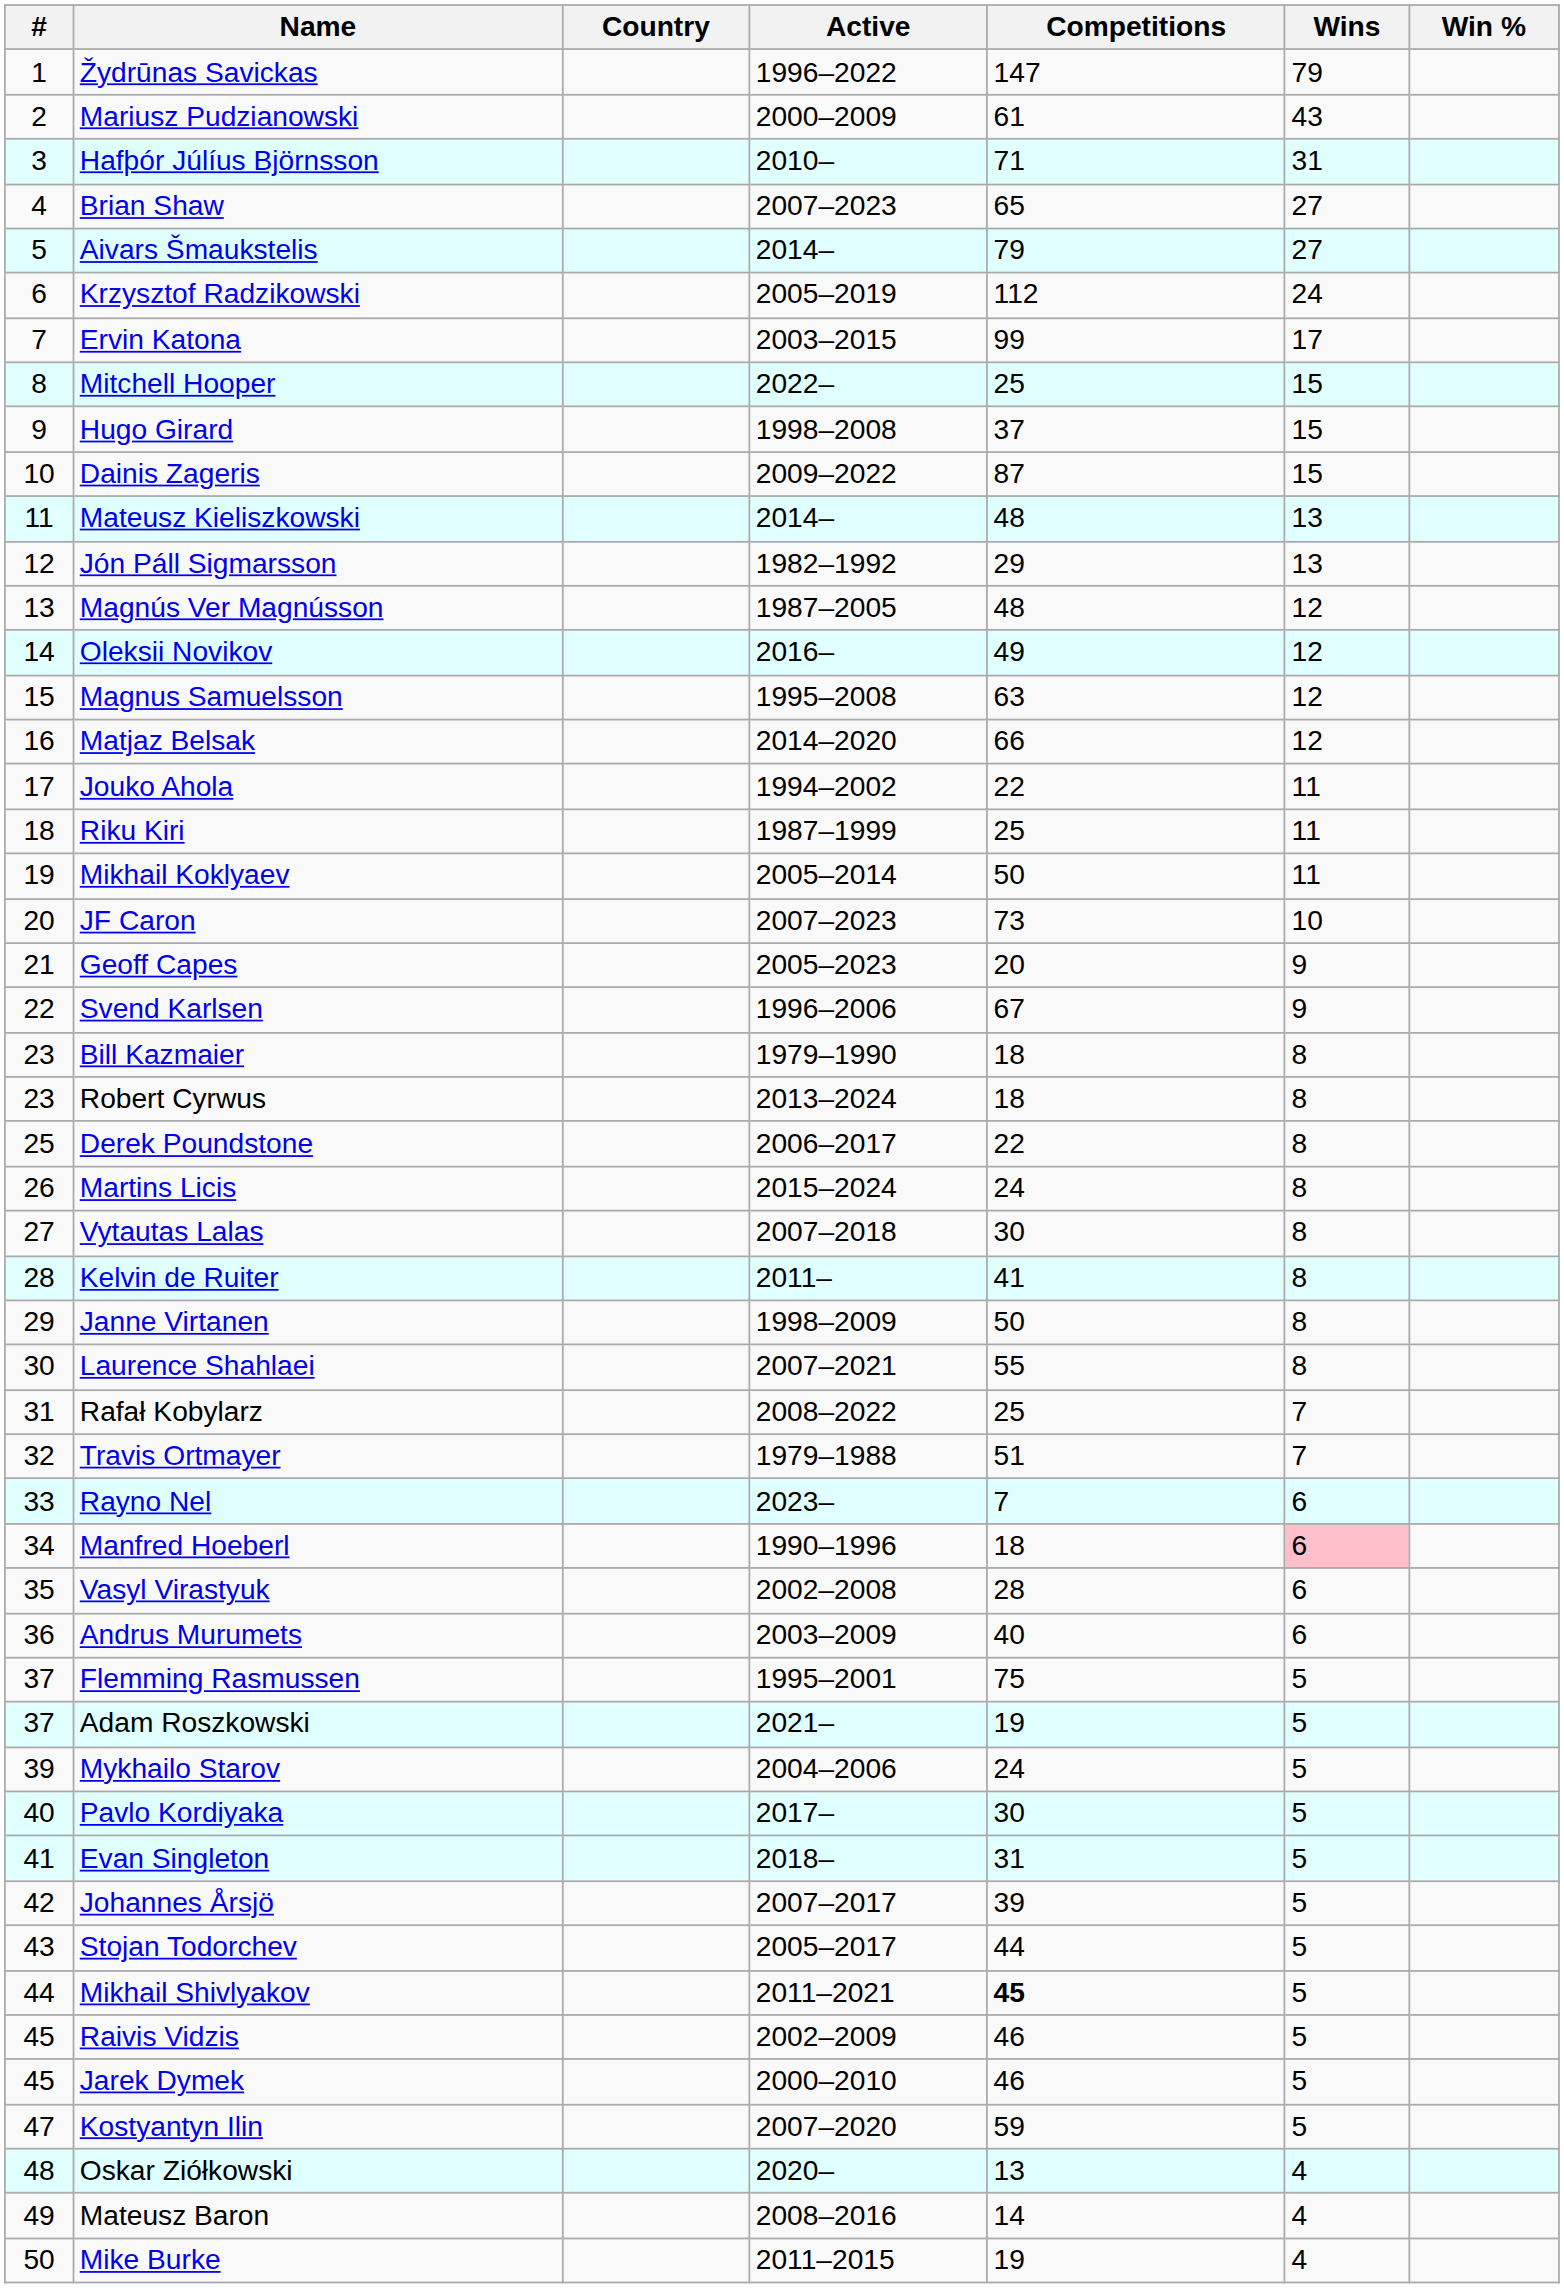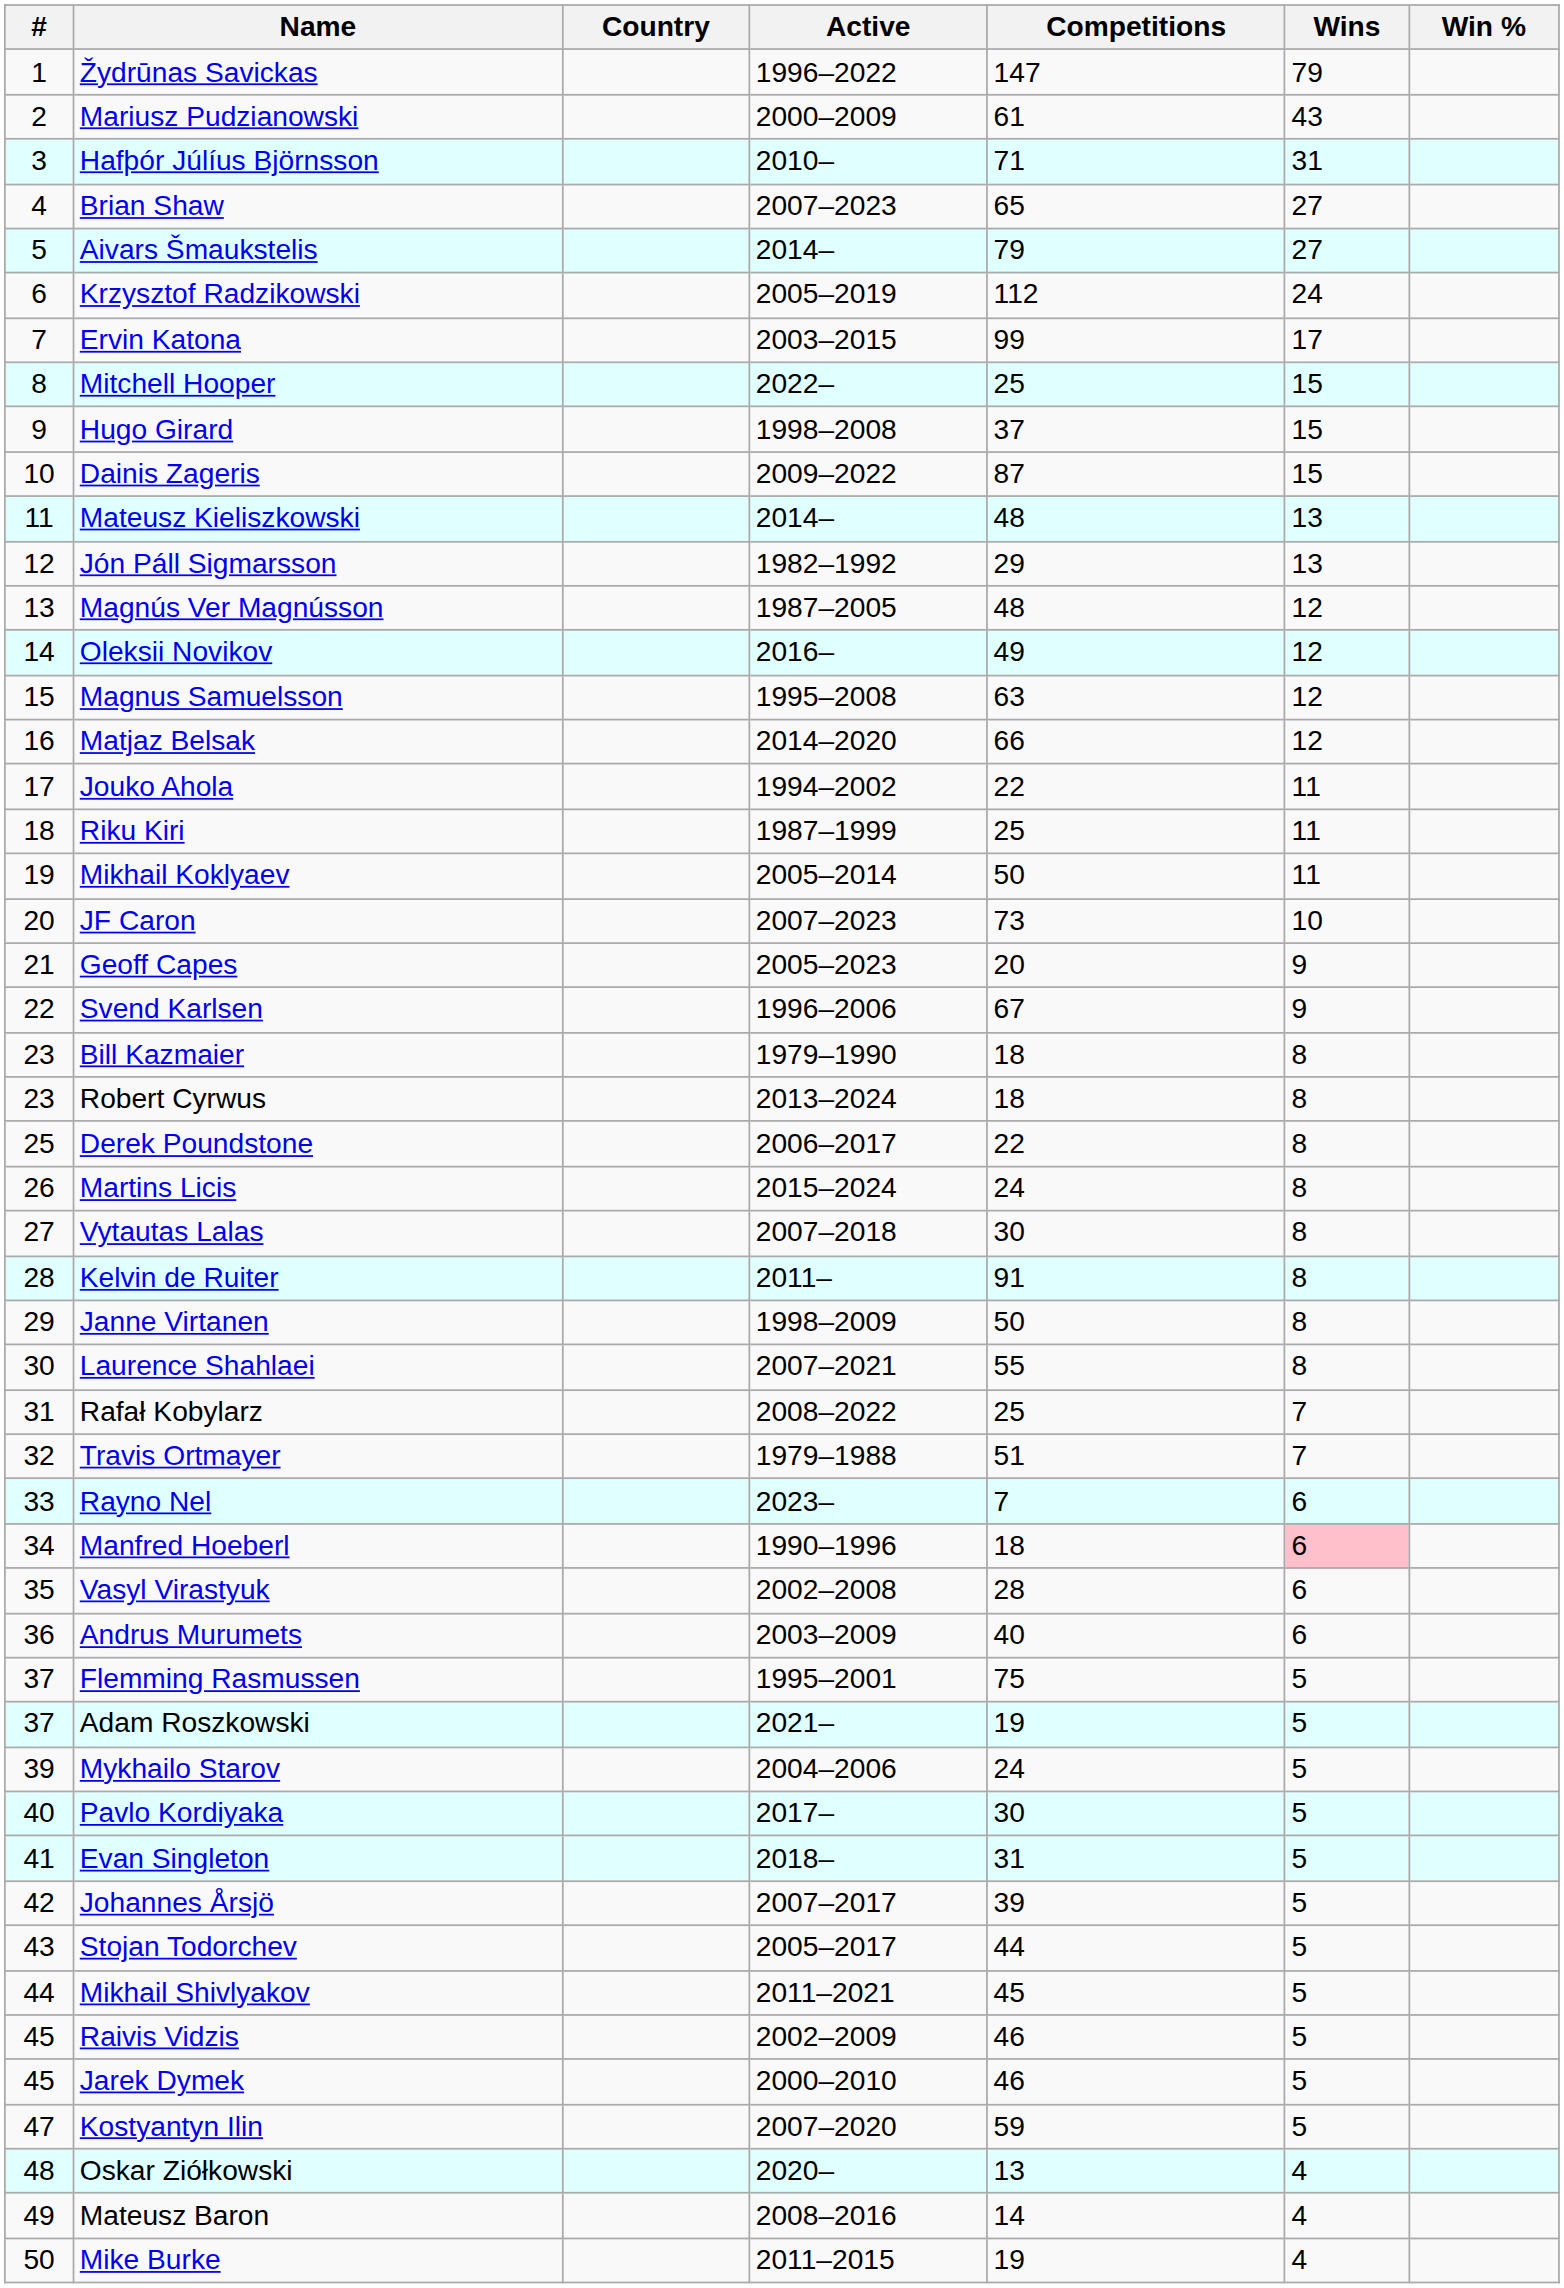 <table class="wikitable sortable" style="display: inline-table;width: 100%;">
 <tr>
 <th>#</th>
 <th>Name</th>
 <th>Country</th>
 <th>Active</th>
 <th>Competitions</th>
 <th>Wins</th>
 <th>Win %</th>
 </tr>
 <tr>
 <td align=center>1</td>
 <td><a href='#'>Žydrūnas Savickas</a></td>
 <td></td>
 <td>1996–2022</td>
 <td>147</td>
 <td>79</td>
 <td align=center></td>
 </tr>
 <tr>
 <td align=center>2</td>
 <td><a href='#'>Mariusz Pudzianowski</a></td>
 <td></td>
 <td>2000–2009</td>
 <td>61</td>
 <td>43</td>
 <td align=center></td>
 </tr>
 <tr style="background:#E0FFFF;">
 <td align=center>3</td>
 <td><a href='#'>Hafþór Júlíus Björnsson</a></td>
 <td></td>
 <td>2010–</td>
 <td>71</td>
 <td>31</td>
 <td align=center></td>
 </tr>
 <tr>
 <td align=center>4</td>
 <td><a href='#'>Brian Shaw</a></td>
 <td></td>
 <td>2007–2023</td>
 <td>65</td>
 <td>27</td>
 <td align=center></td>
 </tr>
 <tr style="background:#E0FFFF;">
 <td align=center>5</td>
 <td><a href='#'>Aivars Šmaukstelis</a></td>
 <td></td>
 <td>2014–</td>
 <td>79</td>
 <td>27</td>
 <td align=center></td>
 </tr>
 <tr>
 <td align=center>6</td>
 <td><a href='#'>Krzysztof Radzikowski</a></td>
 <td></td>
 <td>2005–2019</td>
 <td>112</td>
 <td>24</td>
 <td align=center></td>
 </tr>
 <tr>
 <td align=center>7</td>
 <td><a href='#'>Ervin Katona</a></td>
 <td></td>
 <td>2003–2015</td>
 <td>99</td>
 <td>17</td>
 <td align=center></td>
 </tr>
 <tr style="background:#E0FFFF;">
 <td align=center>8</td>
 <td><a href='#'>Mitchell Hooper</a></td>
 <td></td>
 <td>2022–</td>
 <td>25</td>
 <td>15</td>
 <td align=center></td>
 </tr>
 <tr>
 <td align=center>9</td>
 <td><a href='#'>Hugo Girard</a></td>
 <td></td>
 <td>1998–2008</td>
 <td>37</td>
 <td>15</td>
 <td align=center></td>
 </tr>
 <tr>
 <td align=center>10</td>
 <td><a href='#'>Dainis Zageris</a></td>
 <td></td>
 <td>2009–2022</td>
 <td>87</td>
 <td>15</td>
 <td align=center></td>
 </tr>
 <tr style="background:#E0FFFF;">
 <td align=center>11</td>
 <td><a href='#'>Mateusz Kieliszkowski</a></td>
 <td></td>
 <td>2014–</td>
 <td>48</td>
 <td>13</td>
 <td align=center></td>
 </tr>
 <tr>
 <td align=center>12</td>
 <td><a href='#'>Jón Páll Sigmarsson</a></td>
 <td></td>
 <td>1982–1992</td>
 <td>29</td>
 <td>13</td>
 <td align=center></td>
 </tr>
 <tr>
 <td align=center>13</td>
 <td><a href='#'>Magnús Ver Magnússon</a></td>
 <td></td>
 <td>1987–2005</td>
 <td>48</td>
 <td>12</td>
 <td align=center></td>
 </tr>
 <tr style="background:#E0FFFF;">
 <td align=center>14</td>
 <td><a href='#'>Oleksii Novikov</a></td>
 <td></td>
 <td>2016–</td>
 <td>49</td>
 <td>12</td>
 <td align=center></td>
 </tr>
 <tr>
 <td align=center>15</td>
 <td><a href='#'>Magnus Samuelsson</a></td>
 <td></td>
 <td>1995–2008</td>
 <td>63</td>
 <td>12</td>
 <td align=center></td>
 </tr>
 <tr>
 <td align=center>16</td>
 <td><a href='#'>Matjaz Belsak</a></td>
 <td></td>
 <td>2014–2020</td>
 <td>66</td>
 <td>12</td>
 <td align=center></td>
 </tr>
 <tr>
 <td align=center>17</td>
 <td><a href='#'>Jouko Ahola</a></td>
 <td></td>
 <td>1994–2002</td>
 <td>22</td>
 <td>11</td>
 <td align=center></td>
 </tr>
 <tr>
 <td align=center>18</td>
 <td><a href='#'>Riku Kiri</a></td>
 <td></td>
 <td>1987–1999</td>
 <td>25</td>
 <td>11</td>
 <td align=center></td>
 </tr>
 <tr>
 <td align=center>19</td>
 <td><a href='#'>Mikhail Koklyaev</a></td>
 <td></td>
 <td>2005–2014</td>
 <td>50</td>
 <td>11</td>
 <td align=center></td>
 </tr>
 <tr>
 <td align=center>20</td>
 <td><a href='#'>JF Caron</a></td>
 <td></td>
 <td>2007–2023</td>
 <td>73</td>
 <td>10</td>
 <td align=center></td>
 </tr>
 <tr>
 <td align=center>21</td>
 <td><a href='#'>Geoff Capes</a></td>
 <td></td>
 <td>2005–2023</td>
 <td>20</td>
 <td>9</td>
 <td align=center></td>
 </tr>
 <tr>
 <td align=center>22</td>
 <td><a href='#'>Svend Karlsen</a></td>
 <td></td>
 <td>1996–2006</td>
 <td>67</td>
 <td>9</td>
 <td align=center></td>
 </tr>
 <tr>
 <td align=center>23</td>
 <td><a href='#'>Bill Kazmaier</a></td>
 <td></td>
 <td>1979–1990</td>
 <td>18</td>
 <td>8</td>
 <td align=center></td>
 </tr>
 <tr>
 <td align=center>23</td>
 <td>Robert Cyrwus</td>
 <td></td>
 <td>2013–2024</td>
 <td>18</td>
 <td>8</td>
 <td align=center></td>
 </tr>
 <tr>
 <td align=center>25</td>
 <td><a href='#'>Derek Poundstone</a></td>
 <td></td>
 <td>2006–2017</td>
 <td>22</td>
 <td>8</td>
 <td align=center></td>
 </tr>
 <tr>
 <td align=center>26</td>
 <td><a href='#'>Martins Licis</a></td>
 <td></td>
 <td>2015–2024</td>
 <td>24</td>
 <td>8</td>
 <td align=center></td>
 </tr>
 <tr>
 <td align=center>27</td>
 <td><a href='#'>Vytautas Lalas</a></td>
 <td></td>
 <td>2007–2018</td>
 <td>30</td>
 <td>8</td>
 <td align=center></td>
 </tr>
 <tr style="background:#E0FFFF;">
 <td align=center>28</td>
 <td><a href='#'>Kelvin de Ruiter</a></td>
 <td></td>
 <td>2011–</td>
-<td>41</td>
+<td>91</td>
 <td>8</td>
 <td align=center></td>
 </tr>
 <tr>
 <td align=center>29</td>
 <td><a href='#'>Janne Virtanen</a></td>
 <td></td>
 <td>1998–2009</td>
 <td>50</td>
 <td>8</td>
 <td align=center></td>
 </tr>
 <tr>
 <td align=center>30</td>
 <td><a href='#'>Laurence Shahlaei</a></td>
 <td></td>
 <td>2007–2021</td>
 <td>55</td>
 <td>8</td>
 <td align=center></td>
 </tr>
 <tr>
 <td align=center>31</td>
 <td>Rafał Kobylarz</td>
 <td></td>
 <td>2008–2022</td>
 <td>25</td>
 <td>7</td>
 <td align=center></td>
 </tr>
 <tr>
 <td align=center>32</td>
 <td><a href='#'>Travis Ortmayer</a></td>
 <td></td>
 <td>1979–1988</td>
 <td>51</td>
 <td>7</td>
 <td align=center></td>
 </tr>
 <tr style="background:#E0FFFF;">
 <td align=center>33</td>
 <td><a href='#'>Rayno Nel</a></td>
 <td></td>
 <td>2023–</td>
 <td>7</td>
 <td>6</td>
 <td align=center></td>
 </tr>
 <tr>
 <td align=center>34</td>
 <td><a href='#'>Manfred Hoeberl</a></td>
 <td></td>
 <td>1990–1996</td>
 <td>18</td>
 <td style="background: pink;">6</td>
 <td align=center></td>
 </tr>
 <tr>
 <td align=center>35</td>
 <td><a href='#'>Vasyl Virastyuk</a></td>
 <td></td>
 <td>2002–2008</td>
 <td>28</td>
 <td>6</td>
 <td align=center></td>
 </tr>
 <tr>
 <td align=center>36</td>
 <td><a href='#'>Andrus Murumets</a></td>
 <td></td>
 <td>2003–2009</td>
 <td>40</td>
 <td>6</td>
 <td align=center></td>
 </tr>
 <tr>
 <td align=center>37</td>
 <td><a href='#'>Flemming Rasmussen</a></td>
 <td></td>
 <td>1995–2001</td>
 <td>75</td>
 <td>5</td>
 <td align=center></td>
 </tr>
 <tr style="background:#E0FFFF;">
 <td align=center>37</td>
 <td>Adam Roszkowski</td>
 <td></td>
 <td>2021–</td>
 <td>19</td>
 <td>5</td>
 <td align=center></td>
 </tr>
 <tr>
 <td align=center>39</td>
 <td><a href='#'>Mykhailo Starov</a></td>
 <td></td>
 <td>2004–2006</td>
 <td>24</td>
 <td>5</td>
 <td align=center></td>
 </tr>
 <tr style="background:#E0FFFF;">
 <td align=center>40</td>
 <td><a href='#'>Pavlo Kordiyaka</a></td>
 <td></td>
 <td>2017–</td>
 <td>30</td>
 <td>5</td>
 <td align=center></td>
 </tr>
 <tr style="background:#E0FFFF;">
 <td align=center>41</td>
 <td><a href='#'>Evan Singleton</a></td>
 <td></td>
 <td>2018–</td>
 <td>31</td>
 <td>5</td>
 <td align=center></td>
 </tr>
 <tr>
 <td align=center>42</td>
 <td><a href='#'>Johannes Årsjö</a></td>
 <td></td>
 <td>2007–2017</td>
 <td>39</td>
 <td>5</td>
 <td align=center></td>
 </tr>
 <tr>
 <td align=center>43</td>
 <td><a href='#'>Stojan Todorchev</a></td>
 <td></td>
 <td>2005–2017</td>
 <td>44</td>
 <td>5</td>
 <td align=center></td>
 </tr>
 <tr>
 <td align=center>44</td>
 <td><a href='#'>Mikhail Shivlyakov</a></td>
 <td></td>
 <td>2011–2021</td>
-<td><strong>45</strong></td>
+<td>45</td>
 <td>5</td>
 <td align=center></td>
 </tr>
 <tr>
 <td align=center>45</td>
 <td><a href='#'>Raivis Vidzis</a></td>
 <td></td>
 <td>2002–2009</td>
 <td>46</td>
 <td>5</td>
 <td align=center></td>
 </tr>
 <tr>
 <td align=center>45</td>
 <td><a href='#'>Jarek Dymek</a></td>
 <td></td>
 <td>2000–2010</td>
 <td>46</td>
 <td>5</td>
 <td align=center></td>
 </tr>
 <tr>
 <td align=center>47</td>
 <td><a href='#'>Kostyantyn Ilin</a></td>
 <td></td>
 <td>2007–2020</td>
 <td>59</td>
 <td>5</td>
 <td align=center></td>
 </tr>
 <tr style="background:#E0FFFF;">
 <td align=center>48</td>
 <td>Oskar Ziółkowski</td>
 <td></td>
 <td>2020–</td>
 <td>13</td>
 <td>4</td>
 <td align=center></td>
 </tr>
 <tr>
 <td align=center>49</td>
 <td>Mateusz Baron</td>
 <td></td>
 <td>2008–2016</td>
 <td>14</td>
 <td>4</td>
 <td align=center></td>
 </tr>
 <tr>
 <td align=center>50</td>
 <td><a href='#'>Mike Burke</a></td>
 <td></td>
 <td>2011–2015</td>
 <td>19</td>
 <td>4</td>
 <td align=center></td>
 </tr>
 </table>
